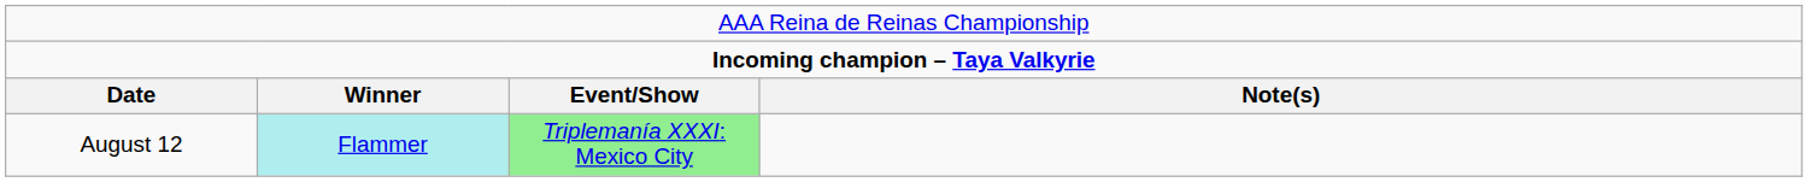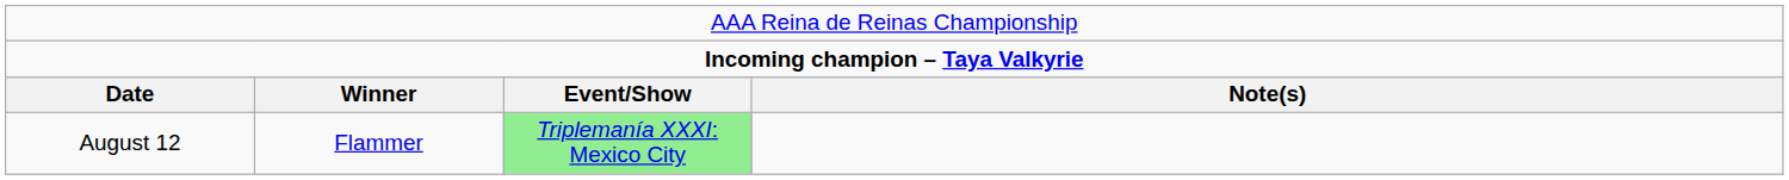 <table class="wikitable" style="text-align:center; width:100%;">
 <tr>
 <td colspan="5" style="text-align: center;"><a href='#'>AAA Reina de Reinas Championship</a></td>
 </tr>
 <tr>
 <td colspan="5" style="text-align: center;"><strong>Incoming champion – <a href='#'>Taya Valkyrie</a></strong></td>
 </tr>
 <tr>
 <th width=14%>Date</th>
 <th width=14%>Winner</th>
 <th width=14%>Event/Show</th>
 <th width=58%>Note(s)</th>
 </tr>
 <tr>
 <td>August 12</td>
-<td style="background: paleturquoise;"><a href='#'>Flammer</a></td>
+<td><a href='#'>Flammer</a></td>
 <td style="background: lightgreen;"><a href='#'><em>Triplemanía XXXI</em>: Mexico City</a></td>
 <td></td>
 </tr>
 </table>
